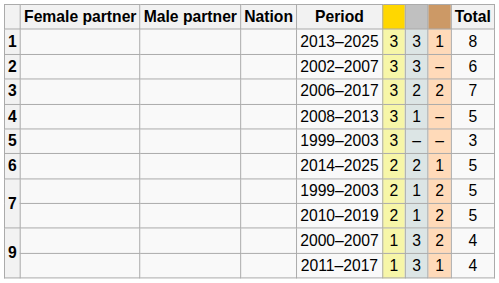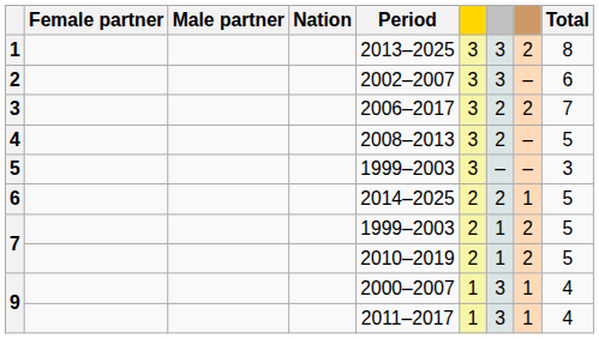 <table class="wikitable unsortable" style="text-align:center">
 <tr>
 <th scope="col"></th>
 <th scope="col">Female partner</th>
 <th scope="col">Male partner</th>
 <th scope="col">Nation</th>
 <th scope="col">Period</th>
 <th scope="col" style="width:1em; background-color:gold"></th>
 <th scope="col" style="width:1em;background-color:silver"></th>
 <th scope="col" style="width:1em;background-color:#CC9966"></th>
 <th scope="col">Total</th>
 </tr>
 <tr>
 <th scope="row">1</th>
 <td align="left"></td>
 <td align="left"></td>
 <td align="left"></td>
 <td>2013–2025</td>
 <td bgcolor="#F7F6A8">3</td>
 <td bgcolor="#DCE5E5">3</td>
-<td bgcolor="#FFDAB9">1</td>
+<td bgcolor="#FFDAB9">2</td>
 <td>8</td>
 </tr>
 <tr>
 <th scope="row">2</th>
 <td align="left"></td>
 <td align="left"></td>
 <td align="left"></td>
 <td>2002–2007</td>
 <td bgcolor="#F7F6A8">3</td>
 <td bgcolor="#DCE5E5">3</td>
 <td bgcolor="#FFDAB9">–</td>
 <td>6</td>
 </tr>
 <tr>
 <th scope="row">3</th>
 <td align="left"></td>
 <td align="left"></td>
 <td align="left"></td>
 <td>2006–2017</td>
 <td bgcolor="#F7F6A8">3</td>
 <td bgcolor="#DCE5E5">2</td>
 <td bgcolor="#FFDAB9">2</td>
 <td>7</td>
 </tr>
 <tr>
 <th scope="row">4</th>
 <td align="left"></td>
 <td align="left"></td>
 <td align="left"></td>
 <td>2008–2013</td>
 <td bgcolor="#F7F6A8">3</td>
-<td bgcolor="#DCE5E5">1</td>
+<td bgcolor="#DCE5E5">2</td>
 <td bgcolor="#FFDAB9">–</td>
 <td>5</td>
 </tr>
 <tr>
 <th scope="row">5</th>
 <td align="left"></td>
 <td align="left"></td>
 <td align="left"></td>
 <td>1999–2003</td>
 <td bgcolor="#F7F6A8">3</td>
 <td bgcolor="#DCE5E5">–</td>
 <td bgcolor="#FFDAB9">–</td>
 <td>3</td>
 </tr>
 <tr>
 <th scope="row">6</th>
 <td align="left"></td>
 <td align="left"></td>
 <td align="left"></td>
 <td>2014–2025</td>
 <td bgcolor="#F7F6A8">2</td>
 <td bgcolor="#DCE5E5">2</td>
 <td bgcolor="#FFDAB9">1</td>
 <td>5</td>
 </tr>
 <tr>
 <th scope="row" rowspan="2">7</th>
 <td align="left"></td>
 <td align="left"></td>
 <td align="left"></td>
 <td>1999–2003</td>
 <td bgcolor="#F7F6A8">2</td>
 <td bgcolor="#DCE5E5">1</td>
 <td bgcolor="#FFDAB9">2</td>
 <td>5</td>
 </tr>
 <tr>
 <td align="left"></td>
 <td align="left"></td>
 <td align="left"></td>
 <td>2010–2019</td>
 <td bgcolor="#F7F6A8">2</td>
 <td bgcolor="#DCE5E5">1</td>
 <td bgcolor="#FFDAB9">2</td>
 <td>5</td>
 </tr>
 <tr>
 <th scope="row" rowspan="2">9</th>
 <td align="left"></td>
 <td align="left"></td>
 <td align="left"></td>
 <td>2000–2007</td>
 <td bgcolor="#F7F6A8">1</td>
 <td bgcolor="#DCE5E5">3</td>
-<td bgcolor="#FFDAB9">2</td>
+<td bgcolor="#FFDAB9">1</td>
 <td>4</td>
 </tr>
 <tr>
 <td align="left"></td>
 <td align="left"></td>
 <td align="left"></td>
 <td>2011–2017</td>
 <td bgcolor="#F7F6A8">1</td>
 <td bgcolor="#DCE5E5">3</td>
 <td bgcolor="#FFDAB9">1</td>
 <td>4</td>
 </tr>
 </table>
